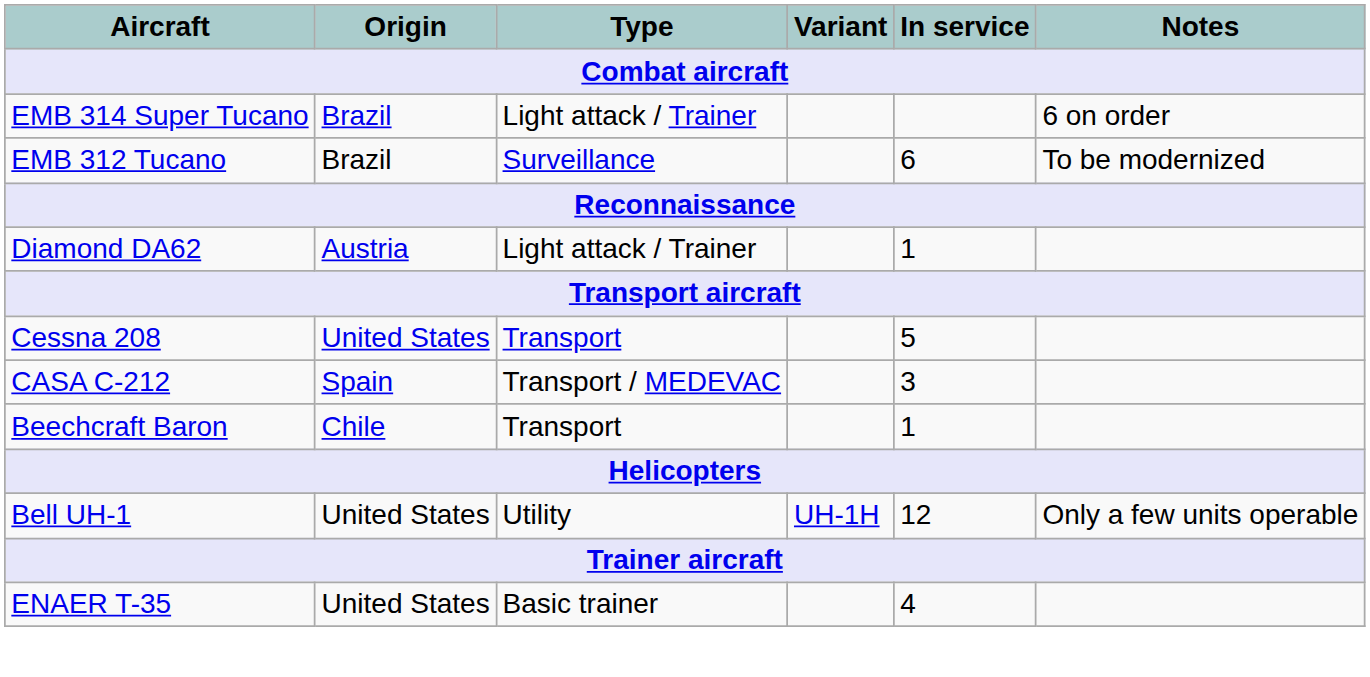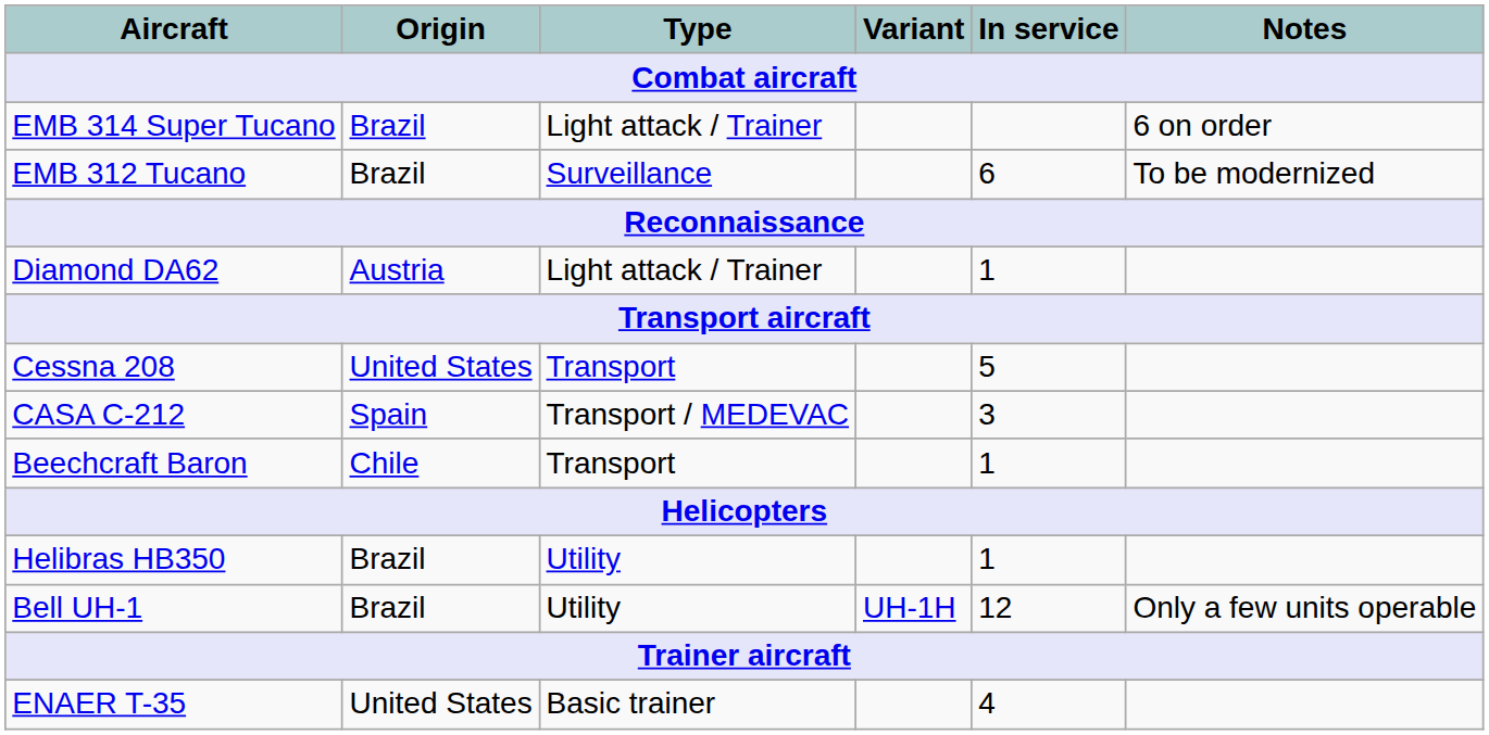 <table class="wikitable">
 <tr>
 <th style="text-align:center; background:#acc;">Aircraft</th>
 <th style="text-align: center; background:#acc;">Origin</th>
 <th style="text-align:l center; background:#acc;">Type</th>
 <th style="text-align:left; background:#acc;">Variant</th>
 <th style="text-align:center; background:#acc;">In service</th>
 <th style="text-align: center; background:#acc;">Notes</th>
 </tr>
 <tr>
 <th style="align: center; background: lavender;" colspan="6"><a href='#'>Combat aircraft</a></th>
 </tr>
 <tr>
 <td><a href='#'>EMB 314 Super  Tucano</a></td>
 <td><a href='#'>Brazil</a></td>
 <td>Light attack / <a href='#'>Trainer</a></td>
 <td></td>
 <td></td>
 <td>6 on order</td>
 </tr>
 <tr>
 <td><a href='#'>EMB 312 Tucano</a></td>
 <td>Brazil</td>
 <td><a href='#'>Surveillance</a></td>
 <td></td>
 <td>6</td>
 <td>To be modernized</td>
 </tr>
 <tr>
 <th style="align: center; background: lavender;" colspan="6"><a href='#'>Reconnaissance</a></th>
 </tr>
 <tr>
 <td><a href='#'>Diamond DA62</a></td>
 <td><a href='#'>Austria</a></td>
 <td>Light attack / Trainer</td>
 <td></td>
 <td>1</td>
 <td></td>
 </tr>
 <tr>
 <th style="align: center; background: lavender;" colspan="6"><a href='#'>Transport aircraft</a></th>
 </tr>
 <tr>
 <td><a href='#'>Cessna 208</a></td>
 <td><a href='#'>United States</a></td>
 <td><a href='#'>Transport</a></td>
 <td></td>
 <td>5</td>
 <td></td>
 </tr>
 <tr>
 <td><a href='#'>CASA C-212</a></td>
 <td><a href='#'>Spain</a></td>
 <td>Transport / <a href='#'>MEDEVAC</a></td>
 <td></td>
 <td>3</td>
 <td></td>
 </tr>
 <tr>
 <td><a href='#'>Beechcraft Baron</a></td>
 <td><a href='#'>Chile</a></td>
 <td>Transport</td>
 <td></td>
 <td>1</td>
 <td></td>
 </tr>
 <tr>
 <th style="align: center; background: lavender;" colspan="6"><a href='#'>Helicopters</a></th>
 </tr>
 <tr>
+<td><a href='#'>Helibras HB350</a></td>
+<td>Brazil</td>
+<td><a href='#'>Utility</a></td>
+<td></td>
+<td>1</td>
+<td></td>
+</tr>
+<tr>
 <td><a href='#'>Bell UH-1</a></td>
-<td>United States</td>
+<td>Brazil</td>
 <td>Utility</td>
 <td><a href='#'>UH-1H</a></td>
 <td>12</td>
 <td>Only a few units operable</td>
 </tr>
 <tr>
 <th style="align: center; background: lavender;" colspan="6"><a href='#'>Trainer aircraft</a></th>
 </tr>
 <tr>
 <td><a href='#'>ENAER T-35</a></td>
 <td>United States</td>
 <td>Basic trainer</td>
 <td></td>
 <td>4</td>
 <td></td>
 </tr>
 </table>
